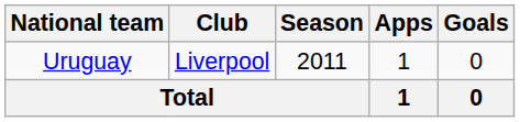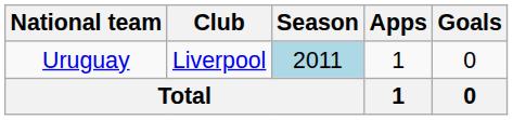 <table class="wikitable" style="text-align: center;">
 <tr>
 <th>National team</th>
 <th>Club</th>
 <th>Season</th>
 <th>Apps</th>
 <th>Goals</th>
 </tr>
 <tr>
 <td><a href='#'>Uruguay</a></td>
 <td><a href='#'>Liverpool</a></td>
-<td>2011</td>
+<td style="background: lightblue;">2011</td>
 <td>1</td>
 <td>0</td>
 </tr>
 <tr>
 <th colspan="3">Total</th>
 <th>1</th>
 <th>0</th>
 </tr>
 </table>
